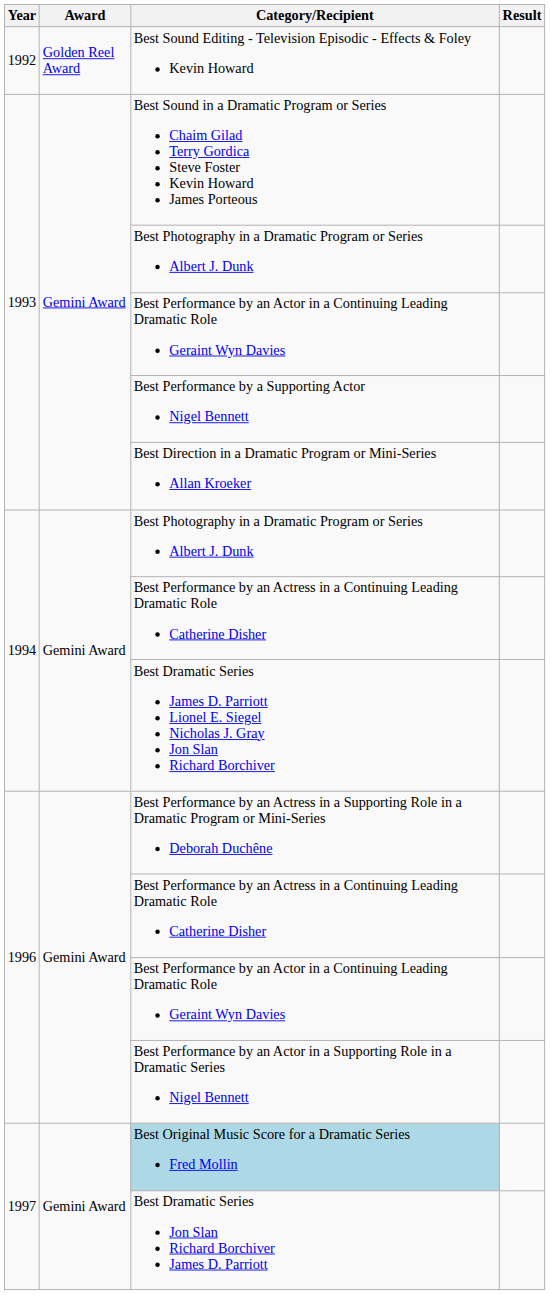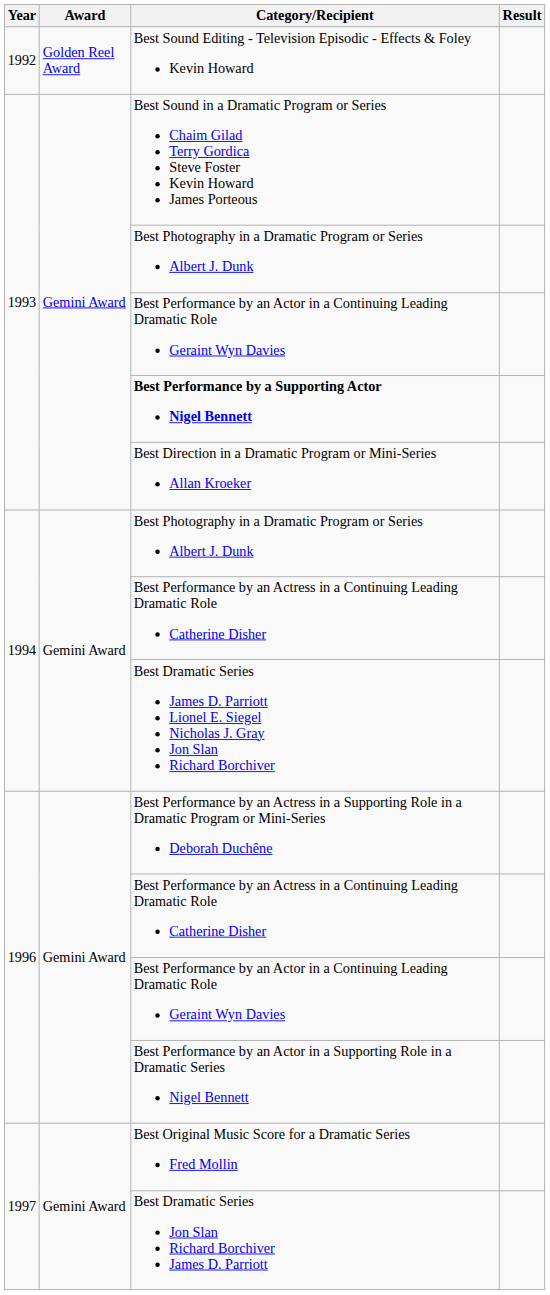 <table class="wikitable">
 <tr>
 <th>Year</th>
 <th>Award</th>
 <th>Category/Recipient</th>
 <th>Result</th>
 </tr>
 <tr>
 <td>1992</td>
 <td><a href='#'>Golden Reel Award</a></td>
 <td>Best Sound Editing - Television Episodic - Effects & Foley<br><ul><li>Kevin Howard</li></ul></td>
 <td></td>
 </tr>
 <tr>
 <td rowspan="5">1993</td>
 <td rowspan="5"><a href='#'>Gemini Award</a></td>
 <td>Best Sound in a Dramatic Program or Series<br><ul><li><a href='#'>Chaim Gilad</a></li><li><a href='#'>Terry Gordica</a></li><li>Steve Foster</li><li>Kevin Howard</li><li>James Porteous</li></ul></td>
 <td></td>
 </tr>
 <tr>
 <td>Best Photography in a Dramatic Program or Series<br><ul><li><a href='#'>Albert J. Dunk</a></li></ul></td>
 <td></td>
 </tr>
 <tr>
 <td>Best Performance by an Actor in a Continuing Leading Dramatic Role<br><ul><li><a href='#'>Geraint Wyn Davies</a></li></ul></td>
 <td></td>
 </tr>
 <tr>
-<td>Best Performance by a Supporting Actor<br><ul><li><a href='#'>Nigel Bennett</a></li></ul></td>
+<td><strong>Best Performance by a Supporting Actor<br><ul><li><a href='#'>Nigel Bennett</a></li></ul></strong></td>
 <td></td>
 </tr>
 <tr>
 <td>Best Direction in a Dramatic Program or Mini-Series<br><ul><li><a href='#'>Allan Kroeker</a></li></ul></td>
 <td></td>
 </tr>
 <tr>
 <td rowspan="3">1994</td>
 <td rowspan="3">Gemini Award</td>
 <td>Best Photography in a Dramatic Program or Series<br><ul><li><a href='#'>Albert J. Dunk</a></li></ul></td>
 <td></td>
 </tr>
 <tr>
 <td>Best Performance by an Actress in a Continuing Leading Dramatic Role<br><ul><li><a href='#'>Catherine Disher</a></li></ul></td>
 <td></td>
 </tr>
 <tr>
 <td>Best Dramatic Series<br><ul><li><a href='#'>James D. Parriott</a></li><li><a href='#'>Lionel E. Siegel</a></li><li><a href='#'>Nicholas J. Gray</a></li><li><a href='#'>Jon Slan</a></li><li><a href='#'>Richard Borchiver</a></li></ul></td>
 <td></td>
 </tr>
 <tr>
 <td rowspan="4">1996</td>
 <td rowspan="4">Gemini Award</td>
 <td>Best Performance by an Actress in a Supporting Role in a Dramatic Program or Mini-Series<br><ul><li><a href='#'>Deborah Duchêne</a></li></ul></td>
 <td></td>
 </tr>
 <tr>
 <td>Best Performance by an Actress in a Continuing Leading Dramatic Role<br><ul><li><a href='#'>Catherine Disher</a></li></ul></td>
 <td></td>
 </tr>
 <tr>
 <td>Best Performance by an Actor in a Continuing Leading Dramatic Role<br><ul><li><a href='#'>Geraint Wyn Davies</a></li></ul></td>
 <td></td>
 </tr>
 <tr>
 <td>Best Performance by an Actor in a Supporting Role in a Dramatic Series<br><ul><li><a href='#'>Nigel Bennett</a></li></ul></td>
 <td></td>
 </tr>
 <tr>
 <td rowspan="2">1997</td>
 <td rowspan="2">Gemini Award</td>
-<td style="background: lightblue;">Best Original Music Score for a Dramatic Series<br><ul><li><a href='#'>Fred Mollin</a></li></ul></td>
+<td>Best Original Music Score for a Dramatic Series<br><ul><li><a href='#'>Fred Mollin</a></li></ul></td>
 <td></td>
 </tr>
 <tr>
 <td>Best Dramatic Series<br><ul><li><a href='#'>Jon Slan</a></li><li><a href='#'>Richard Borchiver</a></li><li><a href='#'>James D. Parriott</a></li></ul></td>
 <td></td>
 </tr>
 </table>
